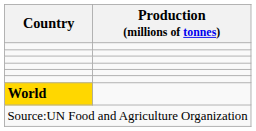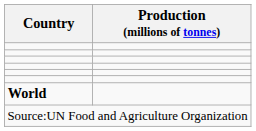 <table class="wikitable floatright">
 <tr>
 <th>Country</th>
 <th abbr="Production">Production<br><small>(millions of <a href='#'>tonnes</a>)</small></th>
 </tr>
 <tr>
 <td></td>
 <td></td>
 </tr>
 <tr>
 <td></td>
 <td></td>
 </tr>
 <tr>
 <td></td>
 <td></td>
 </tr>
 <tr>
 <td></td>
 <td></td>
 </tr>
 <tr>
 <td></td>
 <td></td>
 </tr>
 <tr>
 <td></td>
 <td></td>
 </tr>
 <tr>
-<td style="background: gold;"><strong>World</strong></td>
+<td><strong>World</strong></td>
 <td></td>
 </tr>
 <tr>
 <td colspan="2" style="font-size:90%;">Source:UN Food and Agriculture Organization</td>
 </tr>
 </table>
